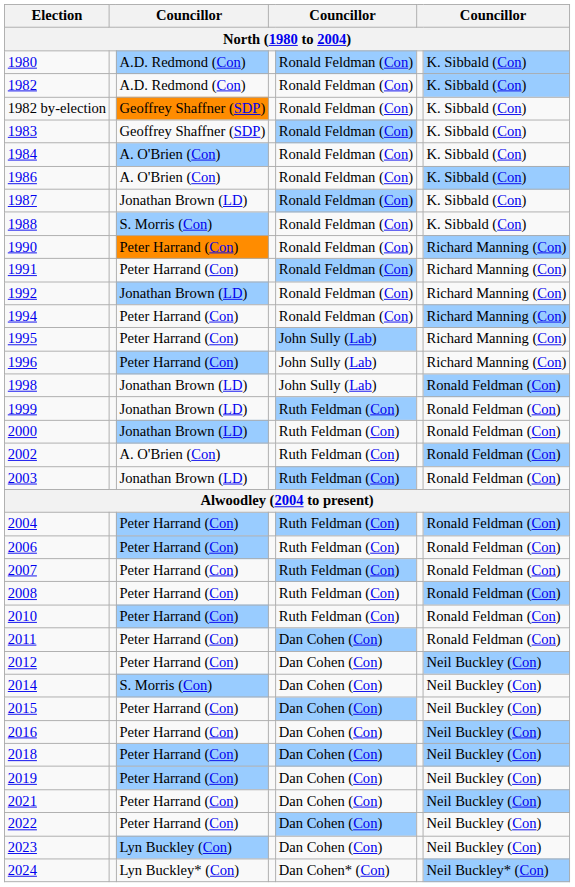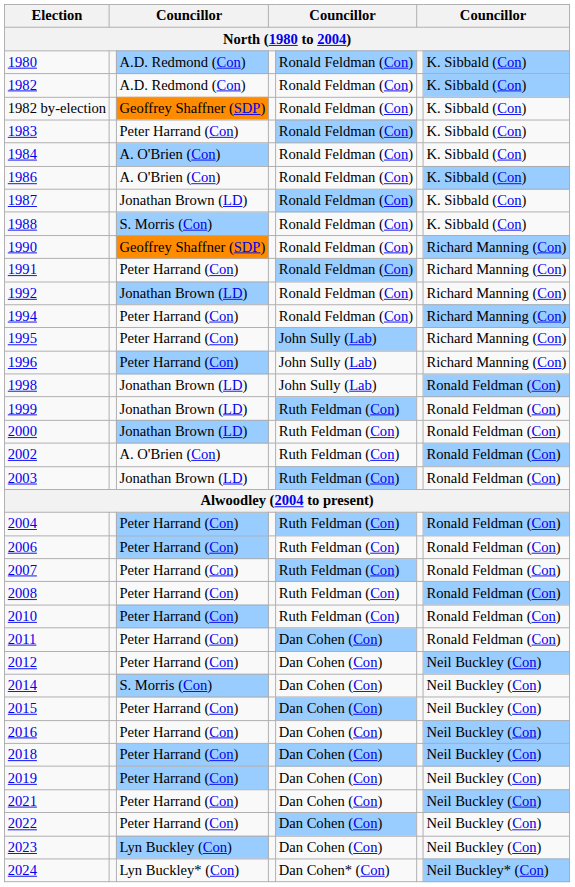 <table class="wikitable">
 <tr>
 <th>Election</th>
 <th colspan="2">Councillor</th>
 <th colspan="2">Councillor</th>
 <th colspan="2">Councillor</th>
 </tr>
 <tr>
 <th colspan=7>North (<a href='#'>1980</a> to <a href='#'>2004</a>)</th>
 </tr>
 <tr>
 <td><a href='#'>1980</a></td>
 <td style="background-color: "></td>
 <td bgcolor="#99CCFF">A.D. Redmond (<a href='#'>Con</a>)</td>
 <td style="background-color: "></td>
 <td bgcolor="#99CCFF">Ronald Feldman (<a href='#'>Con</a>)</td>
 <td style="background-color: "></td>
 <td bgcolor="#99CCFF">K. Sibbald (<a href='#'>Con</a>)</td>
 </tr>
 <tr>
 <td><a href='#'>1982</a></td>
 <td style="background-color: "></td>
 <td>A.D. Redmond (<a href='#'>Con</a>)</td>
 <td style="background-color: "></td>
 <td>Ronald Feldman (<a href='#'>Con</a>)</td>
 <td style="background-color: "></td>
 <td bgcolor="#99CCFF">K. Sibbald (<a href='#'>Con</a>)</td>
 </tr>
 <tr>
 <td>1982 by-election</td>
 <td style="background-color: "></td>
 <td bgcolor="#FF8C00">Geoffrey Shaffner (<a href='#'>SDP</a>)</td>
 <td style="background-color: "></td>
 <td>Ronald Feldman (<a href='#'>Con</a>)</td>
 <td style="background-color: "></td>
 <td>K. Sibbald (<a href='#'>Con</a>)</td>
 </tr>
 <tr>
 <td><a href='#'>1983</a></td>
 <td style="background-color: "></td>
-<td>Geoffrey Shaffner (<a href='#'>SDP</a>)</td>
+<td>Peter Harrand (<a href='#'>Con</a>)</td>
 <td style="background-color: "></td>
 <td bgcolor="#99CCFF">Ronald Feldman (<a href='#'>Con</a>)</td>
 <td style="background-color: "></td>
 <td>K. Sibbald (<a href='#'>Con</a>)</td>
 </tr>
 <tr>
 <td><a href='#'>1984</a></td>
 <td style="background-color: "></td>
 <td bgcolor="#99CCFF">A. O'Brien (<a href='#'>Con</a>)</td>
 <td style="background-color: "></td>
 <td>Ronald Feldman (<a href='#'>Con</a>)</td>
 <td style="background-color: "></td>
 <td>K. Sibbald (<a href='#'>Con</a>)</td>
 </tr>
 <tr>
 <td><a href='#'>1986</a></td>
 <td style="background-color: "></td>
 <td>A. O'Brien (<a href='#'>Con</a>)</td>
 <td style="background-color: "></td>
 <td>Ronald Feldman (<a href='#'>Con</a>)</td>
 <td style="background-color: "></td>
 <td bgcolor="#99CCFF">K. Sibbald (<a href='#'>Con</a>)</td>
 </tr>
 <tr>
 <td><a href='#'>1987</a></td>
 <td style="background-color: "></td>
 <td>Jonathan Brown (<a href='#'>LD</a>)</td>
 <td style="background-color: "></td>
 <td bgcolor="#99CCFF">Ronald Feldman (<a href='#'>Con</a>)</td>
 <td style="background-color: "></td>
 <td>K. Sibbald (<a href='#'>Con</a>)</td>
 </tr>
 <tr>
 <td><a href='#'>1988</a></td>
 <td style="background-color: "></td>
 <td bgcolor="#99CCFF">S. Morris (<a href='#'>Con</a>)</td>
 <td style="background-color: "></td>
 <td>Ronald Feldman (<a href='#'>Con</a>)</td>
 <td style="background-color: "></td>
 <td>K. Sibbald (<a href='#'>Con</a>)</td>
 </tr>
 <tr>
 <td><a href='#'>1990</a></td>
 <td style="background-color: "></td>
-<td bgcolor="#FF8C00">Peter Harrand (<a href='#'>Con</a>)</td>
+<td bgcolor="#FF8C00">Geoffrey Shaffner (<a href='#'>SDP</a>)</td>
 <td style="background-color: "></td>
 <td>Ronald Feldman (<a href='#'>Con</a>)</td>
 <td style="background-color: "></td>
 <td bgcolor="#99CCFF">Richard Manning (<a href='#'>Con</a>)</td>
 </tr>
 <tr>
 <td><a href='#'>1991</a></td>
 <td style="background-color: "></td>
 <td>Peter Harrand (<a href='#'>Con</a>)</td>
 <td style="background-color: "></td>
 <td bgcolor="#99CCFF">Ronald Feldman (<a href='#'>Con</a>)</td>
 <td style="background-color: "></td>
 <td>Richard Manning (<a href='#'>Con</a>)</td>
 </tr>
 <tr>
 <td><a href='#'>1992</a></td>
 <td style="background-color: "></td>
 <td bgcolor="#99CCFF">Jonathan Brown (<a href='#'>LD</a>)</td>
 <td style="background-color: "></td>
 <td>Ronald Feldman (<a href='#'>Con</a>)</td>
 <td style="background-color: "></td>
 <td>Richard Manning (<a href='#'>Con</a>)</td>
 </tr>
 <tr>
 <td><a href='#'>1994</a></td>
 <td style="background-color: "></td>
 <td>Peter Harrand (<a href='#'>Con</a>)</td>
 <td style="background-color: "></td>
 <td>Ronald Feldman (<a href='#'>Con</a>)</td>
 <td style="background-color: "></td>
 <td bgcolor="#99CCFF">Richard Manning (<a href='#'>Con</a>)</td>
 </tr>
 <tr>
 <td><a href='#'>1995</a></td>
 <td style="background-color: "></td>
 <td>Peter Harrand (<a href='#'>Con</a>)</td>
 <td style="background-color: "></td>
 <td bgcolor="#99CCFF">John Sully (<a href='#'>Lab</a>)</td>
 <td style="background-color: "></td>
 <td>Richard Manning (<a href='#'>Con</a>)</td>
 </tr>
 <tr>
 <td><a href='#'>1996</a></td>
 <td style="background-color: "></td>
 <td bgcolor="#99CCFF">Peter Harrand (<a href='#'>Con</a>)</td>
 <td style="background-color: "></td>
 <td>John Sully (<a href='#'>Lab</a>)</td>
 <td style="background-color: "></td>
 <td>Richard Manning (<a href='#'>Con</a>)</td>
 </tr>
 <tr>
 <td><a href='#'>1998</a></td>
 <td style="background-color: "></td>
 <td>Jonathan Brown (<a href='#'>LD</a>)</td>
 <td style="background-color: "></td>
 <td>John Sully (<a href='#'>Lab</a>)</td>
 <td style="background-color: "></td>
 <td bgcolor="#99CCFF">Ronald Feldman (<a href='#'>Con</a>)</td>
 </tr>
 <tr>
 <td><a href='#'>1999</a></td>
 <td style="background-color: "></td>
 <td>Jonathan Brown (<a href='#'>LD</a>)</td>
 <td style="background-color: "></td>
 <td bgcolor="#99CCFF">Ruth Feldman (<a href='#'>Con</a>)</td>
 <td style="background-color: "></td>
 <td>Ronald Feldman (<a href='#'>Con</a>)</td>
 </tr>
 <tr>
 <td><a href='#'>2000</a></td>
 <td style="background-color: "></td>
 <td bgcolor="#99CCFF">Jonathan Brown (<a href='#'>LD</a>)</td>
 <td style="background-color: "></td>
 <td>Ruth Feldman (<a href='#'>Con</a>)</td>
 <td style="background-color: "></td>
 <td>Ronald Feldman (<a href='#'>Con</a>)</td>
 </tr>
 <tr>
 <td><a href='#'>2002</a></td>
 <td style="background-color: "></td>
 <td>A. O'Brien (<a href='#'>Con</a>)</td>
 <td style="background-color: "></td>
 <td>Ruth Feldman (<a href='#'>Con</a>)</td>
 <td style="background-color: "></td>
 <td bgcolor="#99CCFF">Ronald Feldman (<a href='#'>Con</a>)</td>
 </tr>
 <tr>
 <td><a href='#'>2003</a></td>
 <td style="background-color: "></td>
 <td>Jonathan Brown (<a href='#'>LD</a>)</td>
 <td style="background-color: "></td>
 <td bgcolor="#99CCFF">Ruth Feldman (<a href='#'>Con</a>)</td>
 <td style="background-color: "></td>
 <td>Ronald Feldman (<a href='#'>Con</a>)</td>
 </tr>
 <tr>
 <th colspan=7>Alwoodley (<a href='#'>2004</a> to present)</th>
 </tr>
 <tr>
 <td><a href='#'>2004</a></td>
 <td style="background-color: "></td>
 <td bgcolor="#99CCFF">Peter Harrand (<a href='#'>Con</a>)</td>
 <td style="background-color: "></td>
 <td bgcolor="#99CCFF">Ruth Feldman (<a href='#'>Con</a>)</td>
 <td style="background-color: "></td>
 <td bgcolor="#99CCFF">Ronald Feldman (<a href='#'>Con</a>)</td>
 </tr>
 <tr>
 <td><a href='#'>2006</a></td>
 <td style="background-color: "></td>
 <td bgcolor="#99CCFF">Peter Harrand (<a href='#'>Con</a>)</td>
 <td style="background-color: "></td>
 <td>Ruth Feldman (<a href='#'>Con</a>)</td>
 <td style="background-color: "></td>
 <td>Ronald Feldman (<a href='#'>Con</a>)</td>
 </tr>
 <tr>
 <td><a href='#'>2007</a></td>
 <td style="background-color: "></td>
 <td>Peter Harrand (<a href='#'>Con</a>)</td>
 <td style="background-color: "></td>
 <td bgcolor="#99CCFF">Ruth Feldman (<a href='#'>Con</a>)</td>
 <td style="background-color: "></td>
 <td>Ronald Feldman (<a href='#'>Con</a>)</td>
 </tr>
 <tr>
 <td><a href='#'>2008</a></td>
 <td style="background-color: "></td>
 <td>Peter Harrand (<a href='#'>Con</a>)</td>
 <td style="background-color: "></td>
 <td>Ruth Feldman (<a href='#'>Con</a>)</td>
 <td style="background-color: "></td>
 <td bgcolor="#99CCFF">Ronald Feldman (<a href='#'>Con</a>)</td>
 </tr>
 <tr>
 <td><a href='#'>2010</a></td>
 <td style="background-color: "></td>
 <td bgcolor="#99CCFF">Peter Harrand (<a href='#'>Con</a>)</td>
 <td style="background-color: "></td>
 <td>Ruth Feldman (<a href='#'>Con</a>)</td>
 <td style="background-color: "></td>
 <td>Ronald Feldman (<a href='#'>Con</a>)</td>
 </tr>
 <tr>
 <td><a href='#'>2011</a></td>
 <td style="background-color: "></td>
 <td>Peter Harrand (<a href='#'>Con</a>)</td>
 <td style="background-color: "></td>
 <td bgcolor="#99CCFF">Dan Cohen (<a href='#'>Con</a>)</td>
 <td style="background-color: "></td>
 <td>Ronald Feldman (<a href='#'>Con</a>)</td>
 </tr>
 <tr>
 <td><a href='#'>2012</a></td>
 <td style="background-color: "></td>
 <td>Peter Harrand (<a href='#'>Con</a>)</td>
 <td style="background-color: "></td>
 <td>Dan Cohen (<a href='#'>Con</a>)</td>
 <td style="background-color: "></td>
 <td bgcolor="#99CCFF">Neil Buckley (<a href='#'>Con</a>)</td>
 </tr>
 <tr>
 <td><a href='#'>2014</a></td>
 <td style="background-color: "></td>
 <td bgcolor="#99CCFF">S. Morris (<a href='#'>Con</a>)</td>
 <td style="background-color: "></td>
 <td>Dan Cohen (<a href='#'>Con</a>)</td>
 <td style="background-color: "></td>
 <td>Neil Buckley (<a href='#'>Con</a>)</td>
 </tr>
 <tr>
 <td><a href='#'>2015</a></td>
 <td style="background-color: "></td>
 <td>Peter Harrand (<a href='#'>Con</a>)</td>
 <td style="background-color: "></td>
 <td bgcolor="#99CCFF">Dan Cohen (<a href='#'>Con</a>)</td>
 <td style="background-color: "></td>
 <td>Neil Buckley (<a href='#'>Con</a>)</td>
 </tr>
 <tr>
 <td><a href='#'>2016</a></td>
 <td style="background-color: "></td>
 <td>Peter Harrand (<a href='#'>Con</a>)</td>
 <td style="background-color: "></td>
 <td>Dan Cohen (<a href='#'>Con</a>)</td>
 <td style="background-color: "></td>
 <td bgcolor="#99CCFF">Neil Buckley (<a href='#'>Con</a>)</td>
 </tr>
 <tr>
 <td><a href='#'>2018</a></td>
 <td style="background-color: "></td>
 <td bgcolor="#99CCFF">Peter Harrand (<a href='#'>Con</a>)</td>
 <td style="background-color: "></td>
 <td bgcolor="#99CCFF">Dan Cohen (<a href='#'>Con</a>)</td>
 <td style="background-color: "></td>
 <td bgcolor="#99CCFF">Neil Buckley (<a href='#'>Con</a>)</td>
 </tr>
 <tr>
 <td><a href='#'>2019</a></td>
 <td style="background-color: "></td>
 <td bgcolor="#99CCFF">Peter Harrand (<a href='#'>Con</a>)</td>
 <td style="background-color: "></td>
 <td>Dan Cohen (<a href='#'>Con</a>)</td>
 <td style="background-color: "></td>
 <td>Neil Buckley (<a href='#'>Con</a>)</td>
 </tr>
 <tr>
 <td><a href='#'>2021</a></td>
 <td style="background-color: "></td>
 <td>Peter Harrand (<a href='#'>Con</a>)</td>
 <td style="background-color: "></td>
 <td>Dan Cohen (<a href='#'>Con</a>)</td>
 <td style="background-color: "></td>
 <td bgcolor="#99CCFF">Neil Buckley (<a href='#'>Con</a>)</td>
 </tr>
 <tr>
 <td><a href='#'>2022</a></td>
 <td style="background-color: "></td>
 <td>Peter Harrand (<a href='#'>Con</a>)</td>
 <td style="background-color: "></td>
 <td bgcolor="#99CCFF">Dan Cohen (<a href='#'>Con</a>)</td>
 <td style="background-color: "></td>
 <td>Neil Buckley (<a href='#'>Con</a>)</td>
 </tr>
 <tr>
 <td><a href='#'>2023</a></td>
 <td style="background-color: "></td>
 <td bgcolor="#99CCFF">Lyn Buckley (<a href='#'>Con</a>)</td>
 <td style="background-color: "></td>
 <td>Dan Cohen (<a href='#'>Con</a>)</td>
 <td style="background-color: "></td>
 <td>Neil Buckley (<a href='#'>Con</a>)</td>
 </tr>
 <tr>
 <td><a href='#'>2024</a></td>
 <td style="background-color: "></td>
 <td>Lyn Buckley* (<a href='#'>Con</a>)</td>
 <td style="background-color: "></td>
 <td>Dan Cohen* (<a href='#'>Con</a>)</td>
 <td style="background-color: "></td>
 <td bgcolor="#99CCFF">Neil Buckley* (<a href='#'>Con</a>)</td>
 </tr>
 </table>
